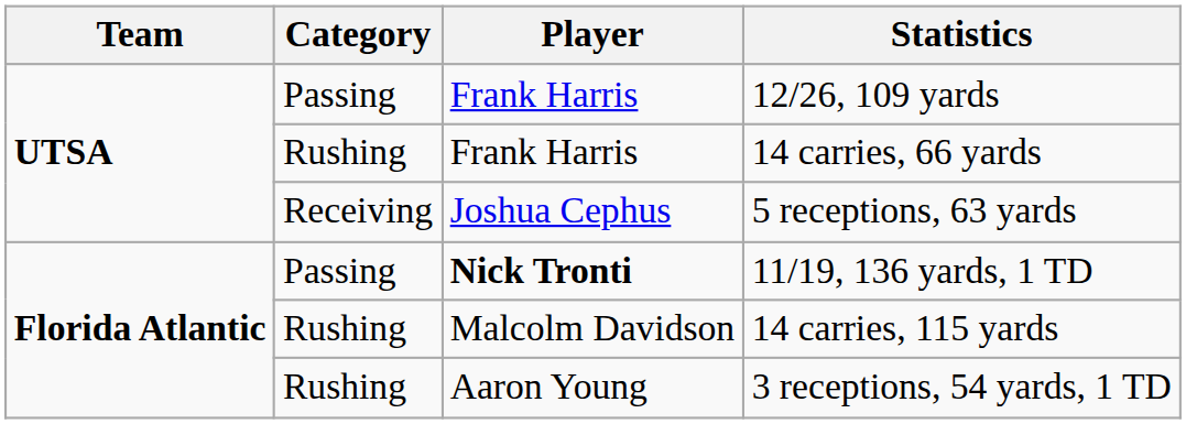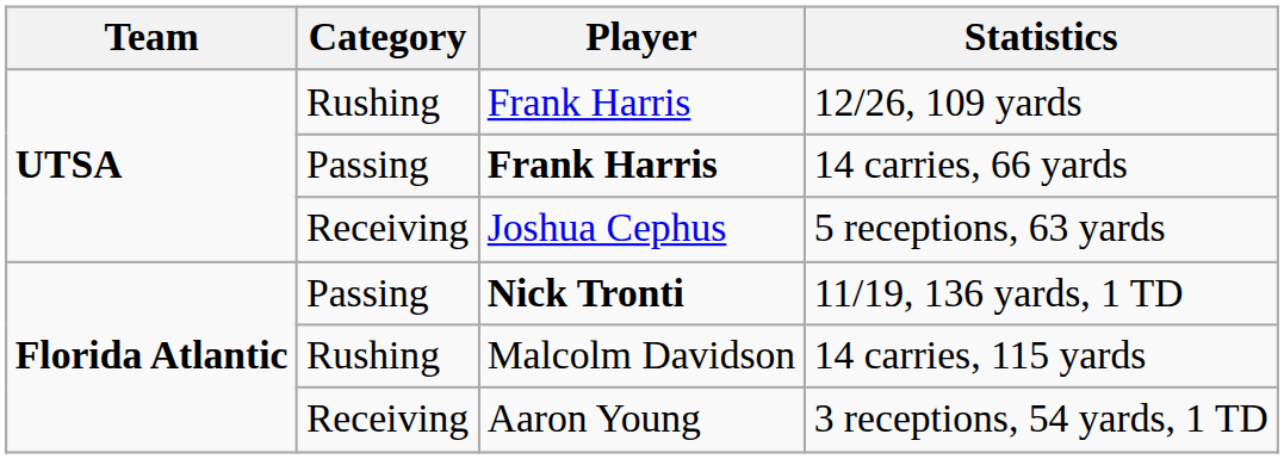 <table class="wikitable" style="float: left;">
 <tr>
 <th>Team</th>
 <th>Category</th>
 <th>Player</th>
 <th>Statistics</th>
 </tr>
 <tr>
 <td rowspan=3><strong>UTSA</strong></td>
-<td>Passing</td>
+<td>Rushing</td>
 <td><a href='#'>Frank Harris</a></td>
 <td>12/26, 109 yards</td>
 </tr>
 <tr>
-<td>Rushing</td>
-<td>Frank Harris</td>
+<td>Passing</td>
+<td><strong>Frank Harris</strong></td>
 <td>14 carries, 66 yards</td>
 </tr>
 <tr>
 <td>Receiving</td>
 <td><a href='#'>Joshua Cephus</a></td>
 <td>5 receptions, 63 yards</td>
 </tr>
 <tr>
 <td rowspan=3><strong>Florida Atlantic</strong></td>
 <td>Passing</td>
 <td><strong>Nick Tronti</strong></td>
 <td>11/19, 136 yards, 1 TD</td>
 </tr>
 <tr>
 <td>Rushing</td>
 <td>Malcolm Davidson</td>
 <td>14 carries, 115 yards</td>
 </tr>
 <tr>
-<td>Rushing</td>
+<td>Receiving</td>
 <td>Aaron Young</td>
 <td>3 receptions, 54 yards, 1 TD</td>
 </tr>
 </table>
